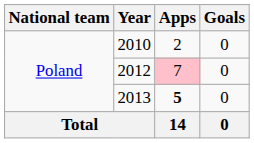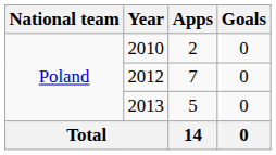 <table class="wikitable" style="text-align:center">
 <tr>
 <th>National team</th>
 <th>Year</th>
 <th>Apps</th>
 <th>Goals</th>
 </tr>
 <tr>
 <td rowspan="3"><a href='#'>Poland</a></td>
 <td>2010</td>
 <td>2</td>
 <td>0</td>
 </tr>
 <tr>
 <td>2012</td>
-<td style="background: pink;">7</td>
+<td>7</td>
 <td>0</td>
 </tr>
 <tr>
 <td>2013</td>
-<td><strong>5</strong></td>
+<td>5</td>
 <td>0</td>
 </tr>
 <tr>
 <th colspan="2">Total</th>
 <th>14</th>
 <th>0</th>
 </tr>
 </table>
